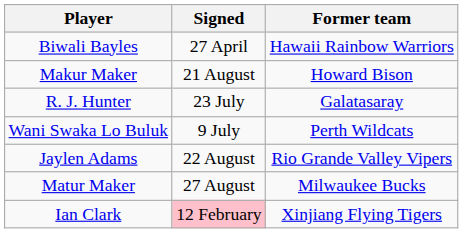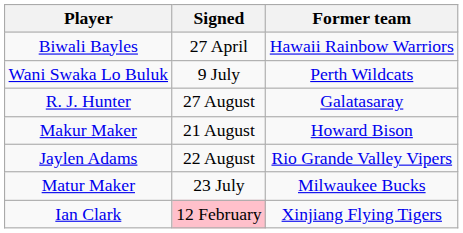 <table class="wikitable sortable sortable" style="text-align: center">
 <tr>
 <th>Player</th>
 <th>Signed</th>
 <th>Former team</th>
 </tr>
 <tr>
 <td><a href='#'>Biwali Bayles</a></td>
 <td>27 April</td>
 <td><a href='#'>Hawaii Rainbow Warriors</a></td>
 </tr>
 <tr>
+<td><a href='#'>Wani Swaka Lo Buluk</a></td>
+<td>9 July</td>
+<td><a href='#'>Perth Wildcats</a></td>
+</tr>
+<tr>
+<td><a href='#'>R. J. Hunter</a></td>
+<td>27 August</td>
+<td><a href='#'>Galatasaray</a></td>
+</tr>
+<tr>
 <td><a href='#'>Makur Maker</a></td>
 <td>21 August</td>
 <td><a href='#'>Howard Bison</a></td>
-</tr>
-<tr>
-<td><a href='#'>R. J. Hunter</a></td>
-<td>23 July</td>
-<td><a href='#'>Galatasaray</a></td>
-</tr>
-<tr>
-<td><a href='#'>Wani Swaka Lo Buluk</a></td>
-<td>9 July</td>
-<td><a href='#'>Perth Wildcats</a></td>
 </tr>
 <tr>
 <td><a href='#'>Jaylen Adams</a></td>
 <td>22 August</td>
 <td><a href='#'>Rio Grande Valley Vipers</a></td>
 </tr>
 <tr>
 <td><a href='#'>Matur Maker</a></td>
-<td>27 August</td>
+<td>23 July</td>
 <td><a href='#'>Milwaukee Bucks</a></td>
 </tr>
 <tr>
 <td><a href='#'>Ian Clark</a></td>
 <td style="background: pink;">12 February</td>
 <td><a href='#'>Xinjiang Flying Tigers</a></td>
 </tr>
 </table>
